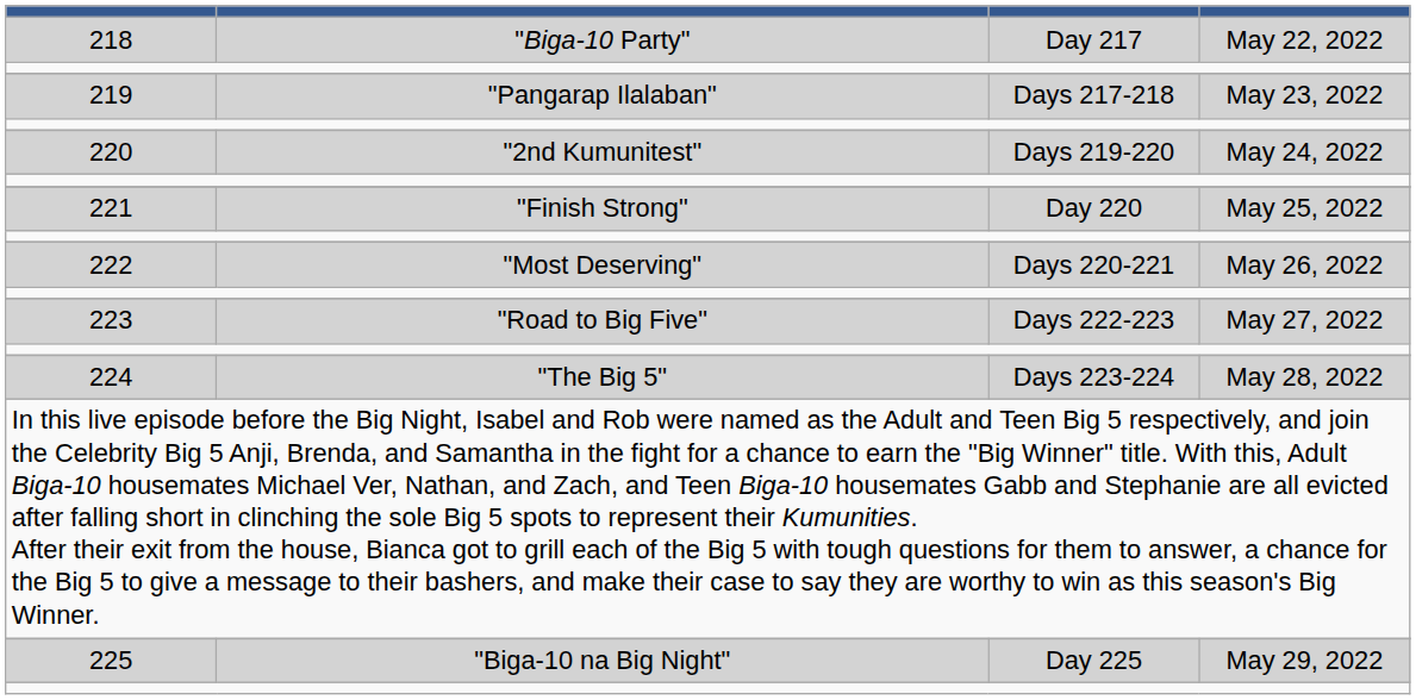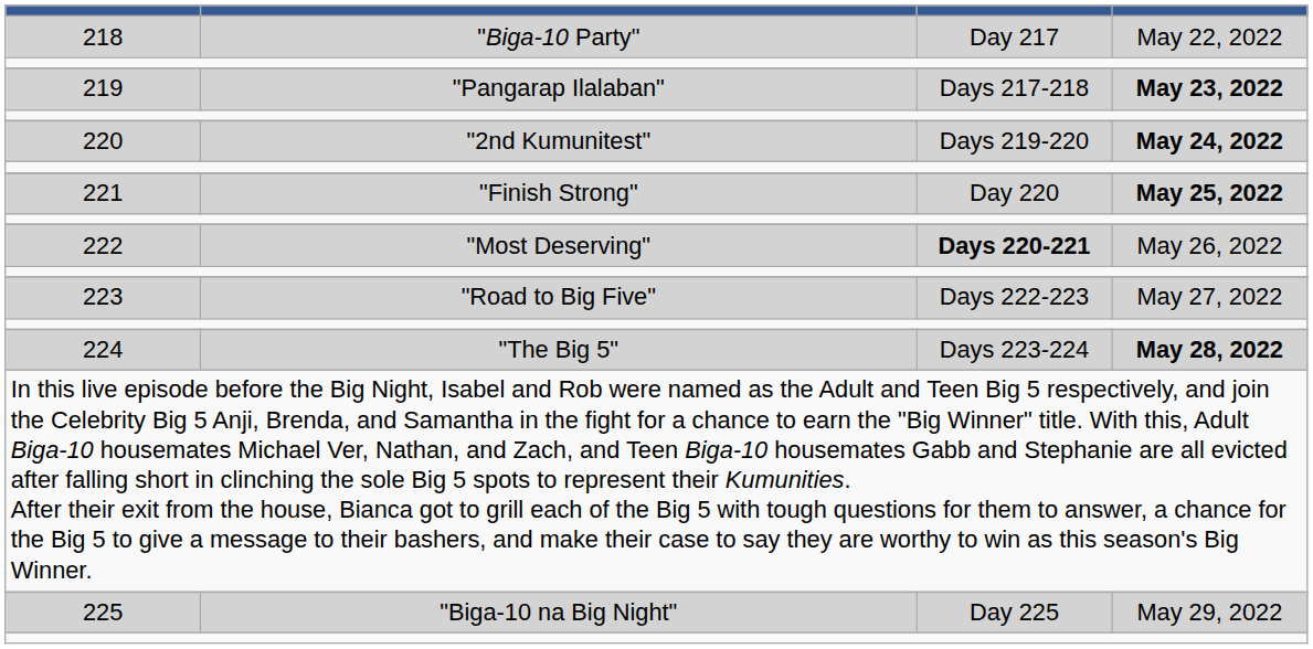 <table class="wikitable sortable" style="font-size:100%; line-height:20px; text-align:center">
 <tr>
 <th width="15%" style="background:#34588F"></th>
 <th width="55%" style="background:#34588F"></th>
 <th width="15%" style="background:#34588F"></th>
 <th width="15%" style="background:#34588F"></th>
 </tr>
 <tr style="background:lightgrey;">
 <td>218</td>
 <td>"<em>Biga-10</em> Party"</td>
 <td>Day 217</td>
 <td>May 22, 2022</td>
 </tr>
 <tr>
 <td colspan="4" align="left"></td>
 </tr>
 <tr>
 </tr>
 <tr style="background:lightgrey;">
 </tr>
 <tr style="background:lightgrey;">
 <td>219</td>
 <td>"Pangarap Ilalaban"</td>
 <td>Days 217-218</td>
-<td>May 23, 2022</td>
+<td><strong>May 23, 2022</strong></td>
 </tr>
 <tr>
 <td colspan="4" align="left"></td>
 </tr>
 <tr>
 </tr>
 <tr style="background:lightgrey;">
 </tr>
 <tr style="background:lightgrey;">
 <td>220</td>
 <td>"2nd Kumunitest"</td>
 <td>Days 219-220</td>
-<td>May 24, 2022</td>
+<td><strong>May 24, 2022</strong></td>
 </tr>
 <tr>
 <td colspan="4" align="left"></td>
 </tr>
 <tr>
 </tr>
 <tr style="background:lightgrey;">
 </tr>
 <tr style="background:lightgrey;">
 <td>221</td>
 <td>"Finish Strong"</td>
 <td>Day 220</td>
-<td>May 25, 2022</td>
+<td><strong>May 25, 2022</strong></td>
 </tr>
 <tr>
 <td colspan="4" align="left"></td>
 </tr>
 <tr>
 </tr>
 <tr style="background:lightgrey;">
 </tr>
 <tr style="background:lightgrey;">
 <td>222</td>
 <td>"Most Deserving"</td>
-<td>Days 220-221</td>
+<td><strong>Days 220-221</strong></td>
 <td>May 26, 2022</td>
 </tr>
 <tr>
 <td colspan="4" align="left"></td>
 </tr>
 <tr>
 </tr>
 <tr style="background:lightgrey;">
 </tr>
 <tr style="background:lightgrey;">
 <td>223</td>
 <td>"Road to Big Five"</td>
 <td>Days 222-223</td>
 <td>May 27, 2022</td>
 </tr>
 <tr>
 <td colspan="4" align="left"></td>
 </tr>
 <tr>
 </tr>
 <tr style="background:lightgrey;">
 <td>224</td>
 <td>"The Big 5"</td>
 <td>Days 223-224</td>
-<td>May 28, 2022</td>
+<td><strong>May 28, 2022</strong></td>
 </tr>
 <tr>
 <td colspan="4" align="left">In this live episode before the Big Night, Isabel and Rob were named as the Adult and Teen Big 5 respectively, and join the Celebrity Big 5 Anji, Brenda, and Samantha in the fight for a chance to earn the "Big Winner" title. With this, Adult <em>Biga-10</em> housemates Michael Ver, Nathan, and Zach, and Teen <em>Biga-10</em> housemates Gabb and Stephanie are all evicted after falling short in clinching the sole Big 5 spots to represent their <em>Kumunities</em>.<br>After their exit from the house, Bianca got to grill each of the Big 5 with tough questions for them to answer, a chance for the Big 5 to give a message to their bashers, and make their case to say they are worthy to win as this season's Big Winner.</td>
 </tr>
 <tr>
 </tr>
 <tr style="background:lightgrey;">
 <td>225</td>
 <td>"Biga-10 na Big Night"</td>
 <td>Day 225</td>
 <td>May 29, 2022</td>
 </tr>
 <tr>
 <td colspan="4" align="left"></td>
 </tr>
 </table>
